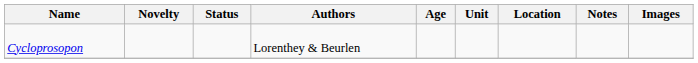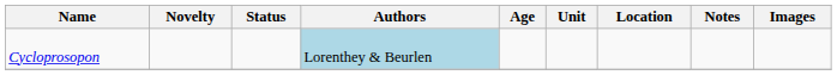 <table class="wikitable sortable" align="center" width="100%">
 <tr>
 <th>Name</th>
 <th>Novelty</th>
 <th>Status</th>
 <th>Authors</th>
 <th>Age</th>
 <th>Unit</th>
 <th>Location</th>
 <th>Notes</th>
 <th>Images</th>
 </tr>
 <tr>
 <td><br><em><a href='#'>Cycloprosopon</a></em></td>
 <td></td>
 <td></td>
-<td><br>Lorenthey & Beurlen</td>
+<td style="background: lightblue;"><br>Lorenthey & Beurlen</td>
 <td></td>
 <td></td>
 <td></td>
 <td></td>
 <td></td>
 </tr>
 <tr>
 </tr>
 </table>
